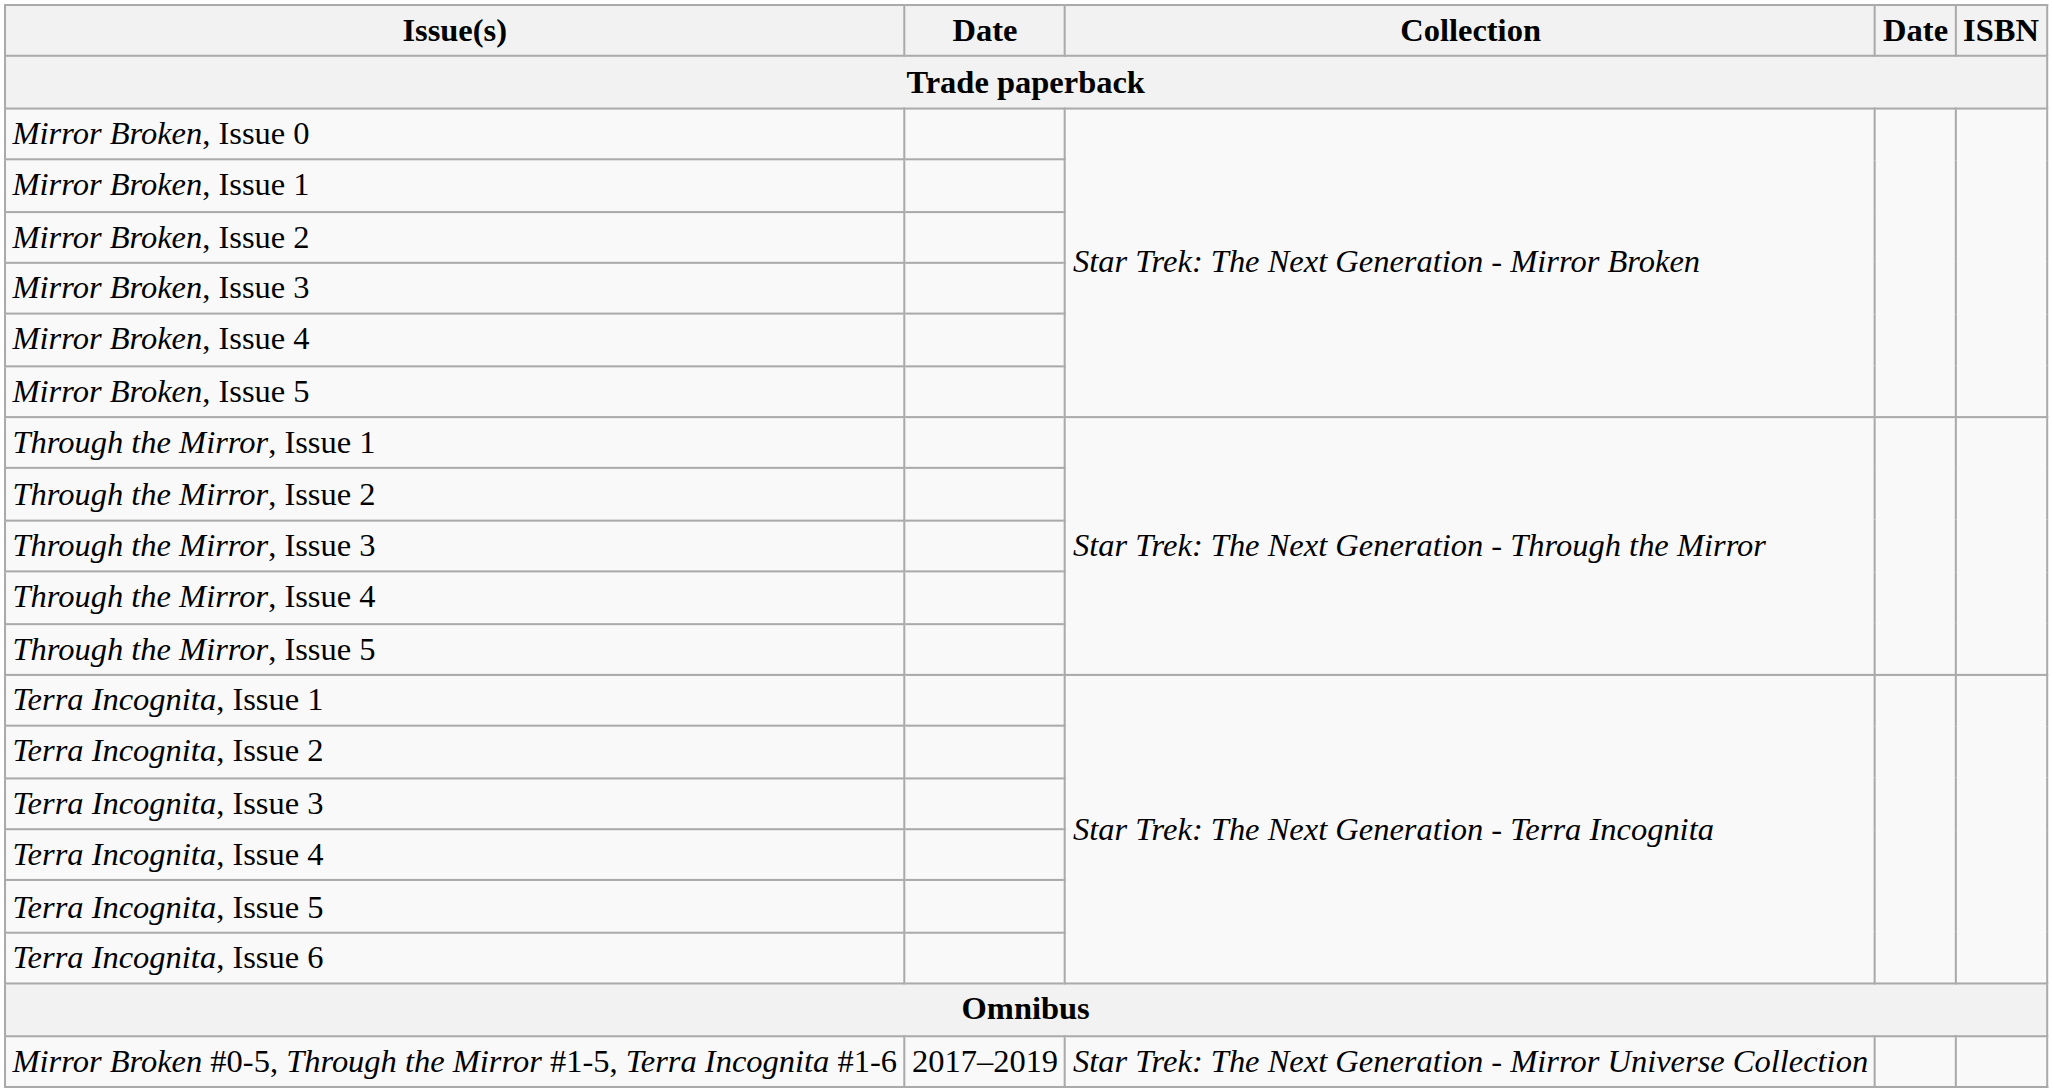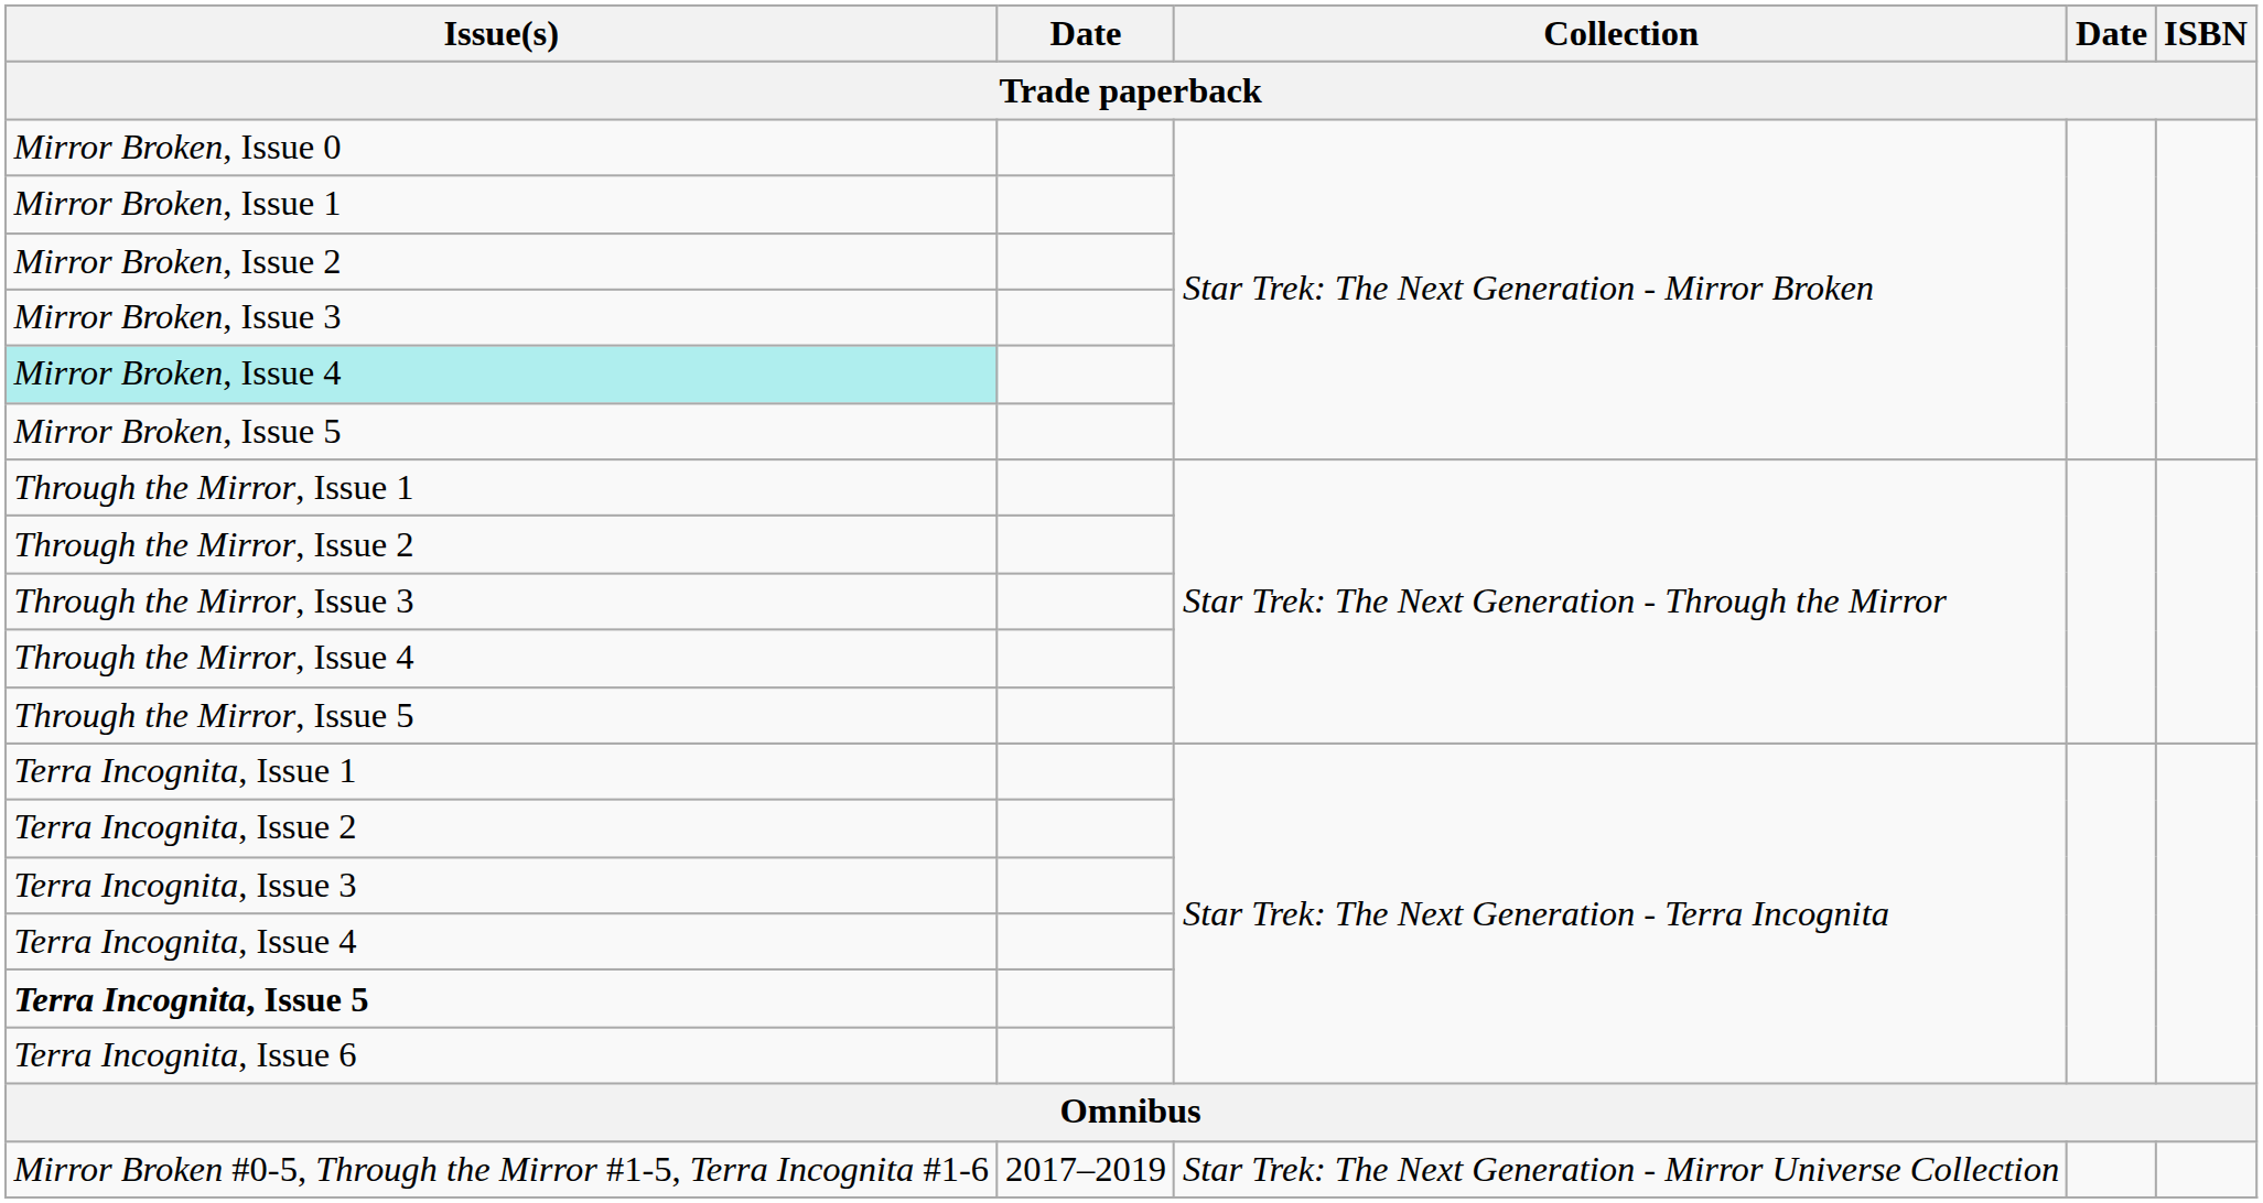 <table class="wikitable">
 <tr>
 <th>Issue(s)</th>
 <th>Date</th>
 <th>Collection</th>
 <th>Date</th>
 <th>ISBN</th>
 </tr>
 <tr>
 <th colspan="5">Trade paperback</th>
 </tr>
 <tr>
 <td><em>Mirror Broken</em>, Issue 0</td>
 <td></td>
 <td rowspan="6"><em>Star Trek: The Next Generation - Mirror Broken</em></td>
 <td rowspan="6"></td>
 <td rowspan="6"></td>
 </tr>
 <tr>
 <td><em>Mirror Broken</em>, Issue 1</td>
 <td></td>
 </tr>
 <tr>
 <td><em>Mirror Broken</em>, Issue 2</td>
 <td></td>
 </tr>
 <tr>
 <td><em>Mirror Broken</em>, Issue 3</td>
 <td></td>
 </tr>
 <tr>
-<td><em>Mirror Broken</em>, Issue 4</td>
+<td style="background: paleturquoise;"><em>Mirror Broken</em>, Issue 4</td>
 <td></td>
 </tr>
 <tr>
 <td><em>Mirror Broken</em>, Issue 5</td>
 <td></td>
 </tr>
 <tr>
 <td><em>Through the Mirror</em>, Issue 1</td>
 <td></td>
 <td rowspan="5"><em>Star Trek: The Next Generation - Through the Mirror</em></td>
 <td rowspan="5"></td>
 <td rowspan="5"></td>
 </tr>
 <tr>
 <td><em>Through the Mirror</em>, Issue 2</td>
 <td></td>
 </tr>
 <tr>
 <td><em>Through the Mirror</em>, Issue 3</td>
 <td></td>
 </tr>
 <tr>
 <td><em>Through the Mirror</em>, Issue 4</td>
 <td></td>
 </tr>
 <tr>
 <td><em>Through the Mirror</em>, Issue 5</td>
 <td></td>
 </tr>
 <tr>
 <td><em>Terra Incognita</em>, Issue 1</td>
 <td></td>
 <td rowspan="6"><em>Star Trek: The Next Generation - Terra Incognita</em></td>
 <td rowspan="6"></td>
 <td rowspan="6"></td>
 </tr>
 <tr>
 <td><em>Terra Incognita</em>, Issue 2</td>
 <td></td>
 </tr>
 <tr>
 <td><em>Terra Incognita</em>, Issue 3</td>
 <td></td>
 </tr>
 <tr>
 <td><em>Terra Incognita</em>, Issue 4</td>
 <td></td>
 </tr>
 <tr>
-<td><em>Terra Incognita</em>, Issue 5</td>
+<td><strong><em>Terra Incognita</em>, Issue 5</strong></td>
 <td></td>
 </tr>
 <tr>
 <td><em>Terra Incognita</em>, Issue 6</td>
 <td></td>
 </tr>
 <tr>
 <th colspan="5">Omnibus</th>
 </tr>
 <tr>
 <td><em>Mirror Broken</em> #0-5, <em>Through the Mirror</em> #1-5, <em>Terra Incognita</em> #1-6</td>
 <td>2017–2019</td>
 <td><em>Star Trek: The Next Generation - Mirror Universe Collection</em></td>
 <td></td>
 <td></td>
 </tr>
 <tr>
 </tr>
 </table>
